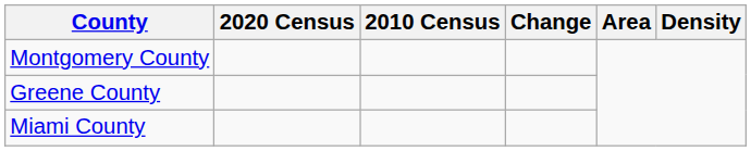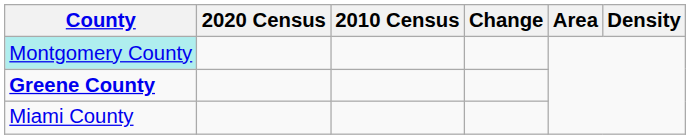 <table class="wikitable sortable">
 <tr>
 <th><a href='#'>County</a></th>
 <th>2020 Census</th>
 <th>2010 Census</th>
 <th>Change</th>
 <th>Area</th>
 <th>Density</th>
 </tr>
 <tr>
-<td><a href='#'>Montgomery County</a></td>
+<td style="background: paleturquoise;"><a href='#'>Montgomery County</a></td>
 <td></td>
 <td></td>
 <td></td>
 </tr>
 <tr>
-<td><a href='#'>Greene County</a></td>
+<td><strong><a href='#'>Greene County</a></strong></td>
 <td></td>
 <td></td>
 <td></td>
 </tr>
 <tr>
 <td><a href='#'>Miami County</a></td>
 <td></td>
 <td></td>
 <td></td>
 </tr>
 </table>
